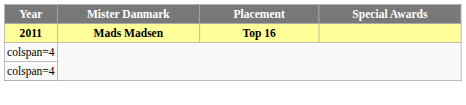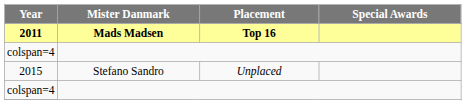 <table class="wikitable sortable" style="font-size: 95%; text-align:center">
 <tr>
 <th width="40" style="background-color:#787878;color:#FFFFFF;">Year</th>
 <th width="180" style="background-color:#787878;color:#FFFFFF;">Mister Danmark</th>
 <th width="150" style="background-color:#787878;color:#FFFFFF;">Placement</th>
 <th width="180" style="background-color:#787878;color:#FFFFFF;">Special Awards</th>
 </tr>
 <tr>
 </tr>
 <tr style="background-color:#FFFF99; font-weight: bold">
 <td>2011</td>
 <td>Mads Madsen</td>
 <td>Top 16</td>
 <td></td>
 </tr>
 <tr>
 <td>colspan=4 </td>
 </tr>
 <tr>
+<td>2015</td>
+<td>Stefano Sandro</td>
+<td><em>Unplaced</em></td>
+<td></td>
+</tr>
+<tr>
 <td>colspan=4 </td>
 </tr>
 <tr>
 </tr>
 </table>
